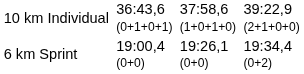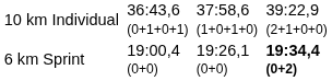 <table>
 <tr>
 <td>10 km Individual</td>
 <td></td>
 <td>36:43,6<br><small>(0+1+0+1)</small></td>
 <td></td>
 <td>37:58,6<br><small>(1+0+1+0)</small></td>
 <td></td>
 <td>39:22,9<br><small>(2+1+0+0)</small></td>
 </tr>
 <tr>
 <td>6 km Sprint</td>
 <td></td>
 <td>19:00,4<br><small>(0+0)</small></td>
 <td></td>
 <td>19:26,1<br><small>(0+0)</small></td>
 <td></td>
-<td>19:34,4<br><small>(0+2)</small></td>
+<td><strong>19:34,4<br><small>(0+2)</small></strong></td>
 </tr>
 </table>
